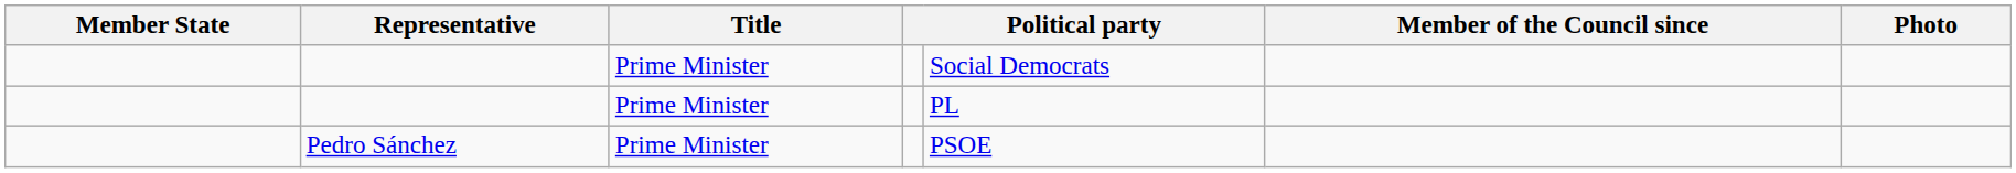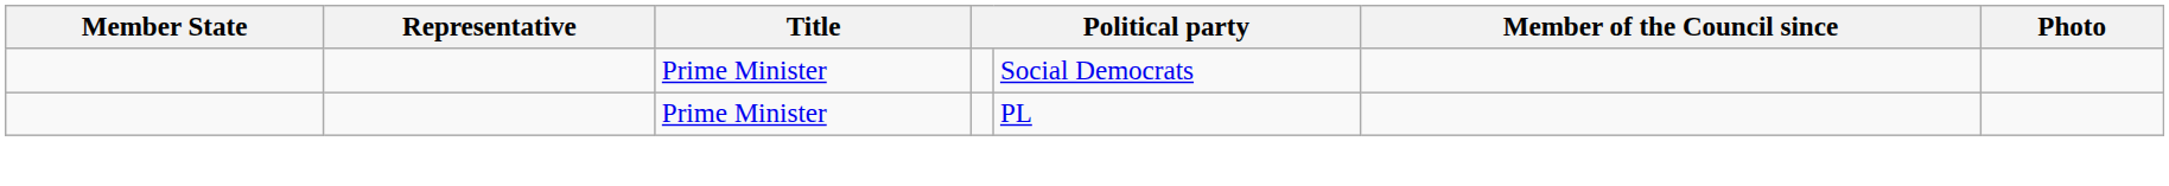 <table class="wikitable sortable" width=100% style="border-collapse:collapse; border:#555">
 <tr>
 <th>Member State</th>
 <th>Representative</th>
 <th>Title</th>
 <th colspan=2>Political party</th>
 <th>Member of the Council since</th>
 <th class="unsortable" style="width:100px;">Photo</th>
 </tr>
 <tr>
 <td></td>
 <td></td>
 <td> <a href='#'>Prime Minister</a></td>
 <td style="background-color:"></td>
 <td><a href='#'>Social Democrats</a></td>
 <td></td>
 <td></td>
 </tr>
 <tr>
 <td></td>
 <td></td>
 <td> <a href='#'>Prime Minister</a></td>
 <td style="background-color:"></td>
 <td><a href='#'>PL</a></td>
 <td></td>
 <td></td>
 </tr>
-<tr>
-<td></td>
-<td><a href='#'>Pedro Sánchez</a></td>
-<td> <a href='#'>Prime Minister</a></td>
-<td style="background-color:"></td>
-<td><a href='#'>PSOE</a></td>
-<td></td>
-<td></td>
-</tr>
 </table>
